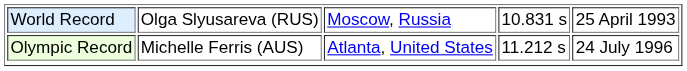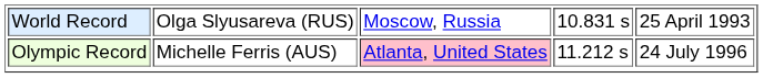 <table border = "1" Cellpadding = "2">
 <tr>
 <td !align="left" bgcolor = "ddeeff">World Record</td>
 <td>Olga Slyusareva (RUS)</td>
 <td><a href='#'>Moscow</a>, <a href='#'>Russia</a></td>
 <td>10.831 s</td>
 <td>25 April 1993</td>
 </tr>
 <tr>
 <td !align="left" bgcolor = "eeffdd">Olympic Record</td>
 <td>Michelle Ferris (AUS)</td>
-<td><a href='#'>Atlanta</a>, <a href='#'>United States</a></td>
+<td style="background: pink;"><a href='#'>Atlanta</a>, <a href='#'>United States</a></td>
 <td>11.212 s</td>
 <td>24 July 1996</td>
 </tr>
 <tr>
 </tr>
 </table>
